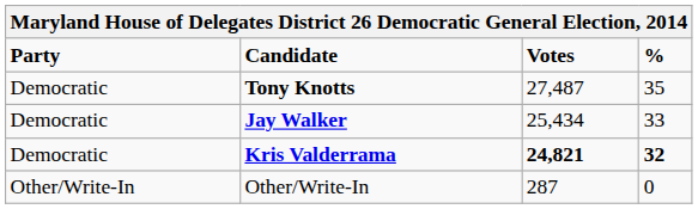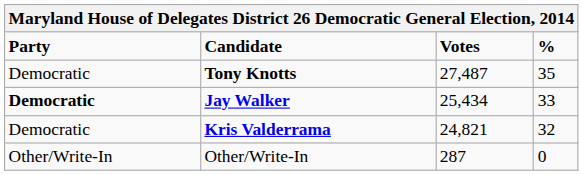 <table class="wikitable">
 <tr>
 <th colspan="4">Maryland House of Delegates District 26 Democratic General Election, 2014</th>
 </tr>
 <tr>
 <td><strong>Party</strong></td>
 <td><strong>Candidate</strong></td>
 <td><strong>Votes</strong></td>
 <td><strong>%</strong></td>
 </tr>
 <tr>
 <td>Democratic</td>
 <td><strong>Tony Knotts</strong></td>
 <td>27,487</td>
 <td>35</td>
 </tr>
 <tr>
-<td>Democratic</td>
+<td><strong>Democratic</strong></td>
 <td><strong><a href='#'>Jay Walker</a></strong></td>
 <td>25,434</td>
 <td>33</td>
 </tr>
 <tr>
 <td>Democratic</td>
 <td><strong><a href='#'>Kris Valderrama</a></strong></td>
-<td><strong>24,821</strong></td>
-<td><strong>32</strong></td>
+<td>24,821</td>
+<td>32</td>
 </tr>
 <tr>
 <td>Other/Write-In</td>
 <td>Other/Write-In</td>
 <td>287</td>
 <td>0</td>
 </tr>
 </table>
